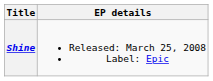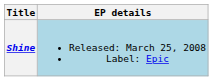 <table class="wikitable plainrowheaders" style="text-align:center;">
 <tr>
 <th>Title</th>
 <th>EP details</th>
 </tr>
 <tr>
 <th scope="row"><em><a href='#'>Shine</a></em></th>
-<td><br><ul><li>Released: March 25, 2008</li><li>Label: <a href='#'>Epic</a></li></ul></td>
+<td style="background: lightblue;"><br><ul><li>Released: March 25, 2008</li><li>Label: <a href='#'>Epic</a></li></ul></td>
 </tr>
 </table>
